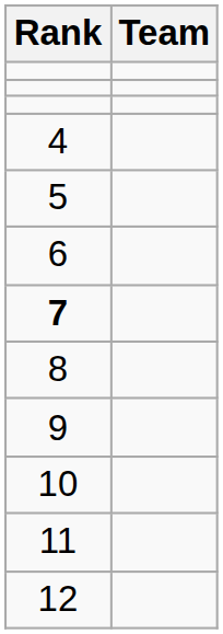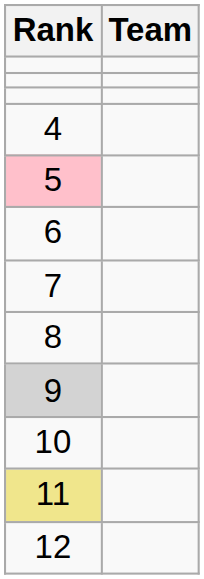 <table class="wikitable">
 <tr>
 <th>Rank</th>
 <th>Team</th>
 </tr>
 <tr>
 <td align=center></td>
 <td></td>
 </tr>
 <tr>
 <td align=center></td>
 <td></td>
 </tr>
 <tr>
 <td align=center></td>
 <td></td>
 </tr>
 <tr>
 <td align=center>4</td>
 <td></td>
 </tr>
 <tr>
-<td align=center>5</td>
+<td align=center style="background: pink;">5</td>
 <td></td>
 </tr>
 <tr>
 <td align=center>6</td>
 <td></td>
 </tr>
 <tr>
-<td align=center><strong>7</strong></td>
+<td align=center>7</td>
 <td></td>
 </tr>
 <tr>
 <td align=center>8</td>
 <td></td>
 </tr>
 <tr>
-<td align=center>9</td>
+<td align=center style="background: lightgrey;">9</td>
 <td></td>
 </tr>
 <tr>
 <td align=center>10</td>
 <td></td>
 </tr>
 <tr>
-<td align=center>11</td>
+<td align=center style="background: khaki;">11</td>
 <td></td>
 </tr>
 <tr>
 <td align=center>12</td>
 <td></td>
 </tr>
 </table>
